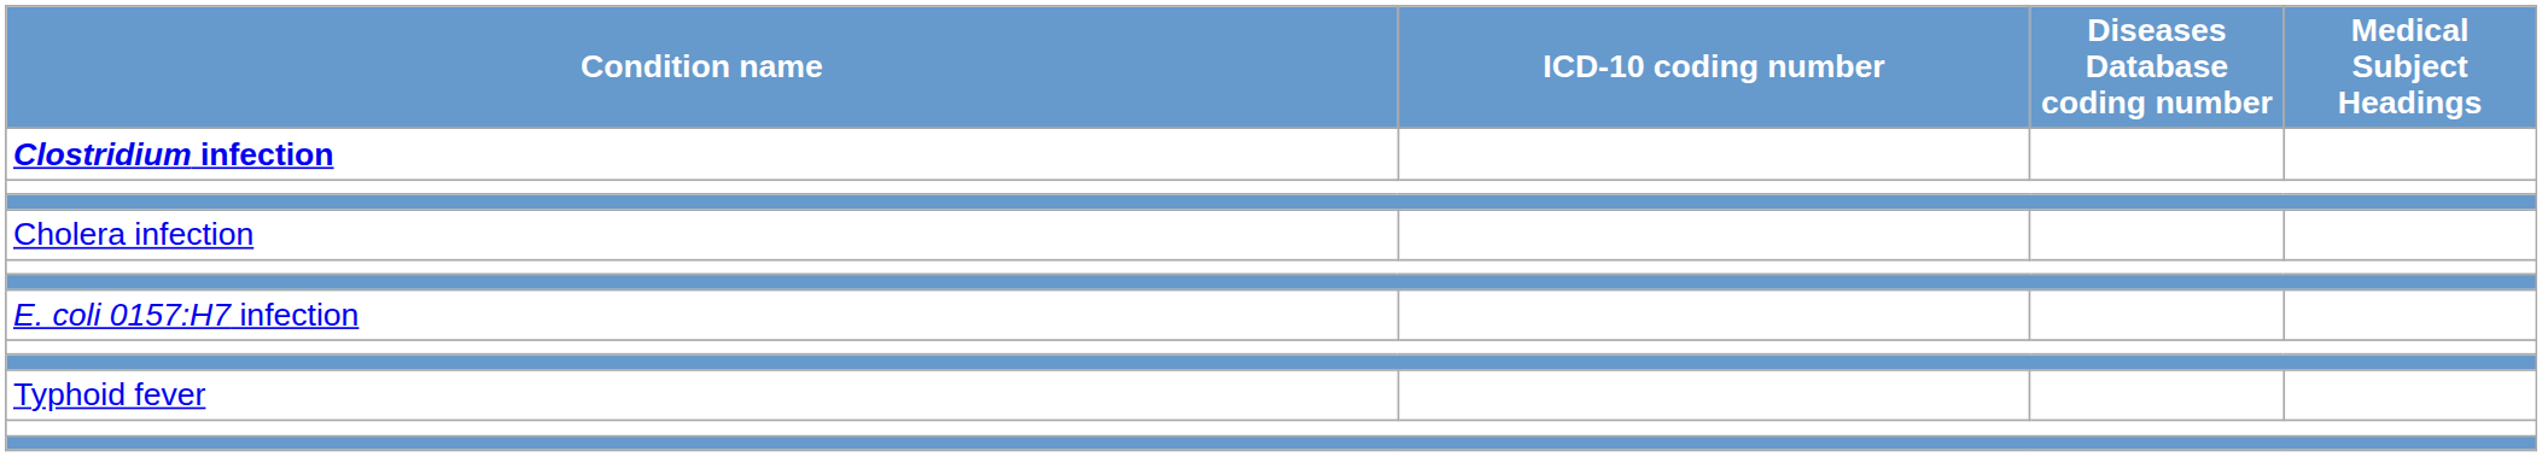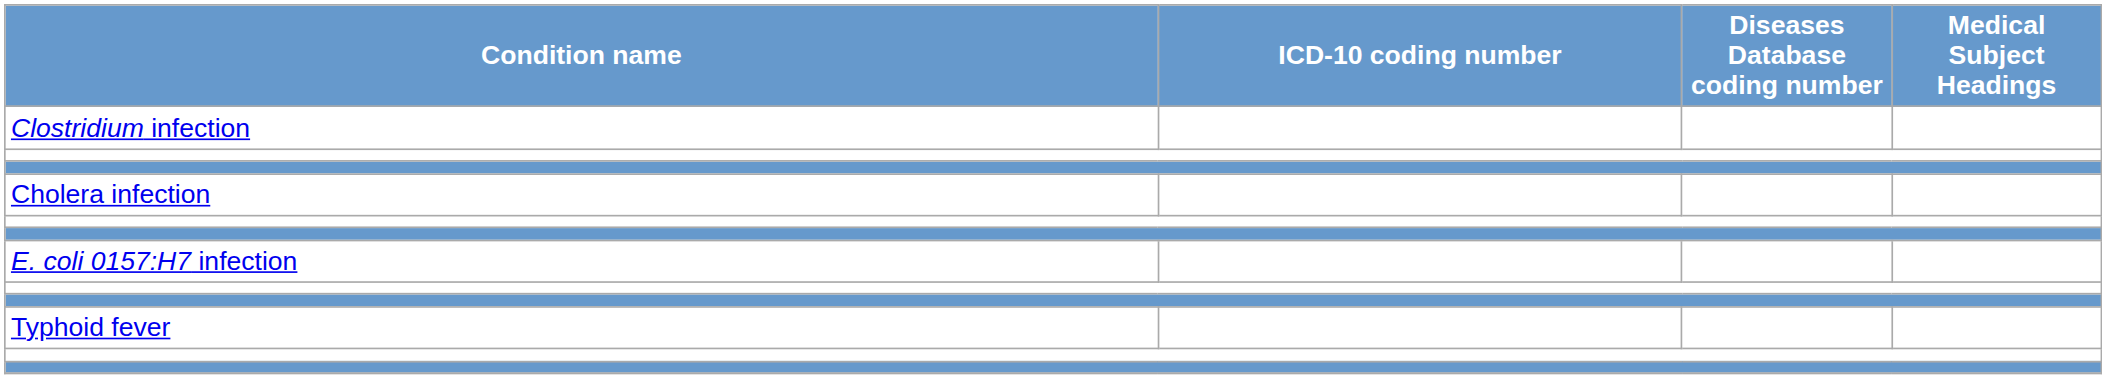 <table class="wikitable" style="width:100%; margin-right:auto; background: #FFFFFF;">
 <tr style="color:white">
 <th style="background-color:#6699CC; width:55%">Condition name</th>
 <th style="background-color:#6699CC; width:25%">ICD-10 coding number</th>
 <th style="background-color:#6699CC; width:10%">Diseases Database coding number</th>
 <th style="background-color:#6699CC; width:10%">Medical Subject Headings</th>
 </tr>
 <tr>
-<td><strong><a href='#'><em>Clostridium</em> infection</a></strong></td>
+<td><a href='#'><em>Clostridium</em> infection</a></td>
 <td></td>
 <td></td>
 <td></td>
 </tr>
 <tr>
 <td colspan="6"></td>
 </tr>
 <tr>
 <td colspan="6" bgcolor="#6699CC"></td>
 </tr>
 <tr>
 <td><a href='#'>Cholera infection</a></td>
 <td></td>
 <td></td>
 <td></td>
 </tr>
 <tr>
 <td colspan="6"></td>
 </tr>
 <tr>
 <td colspan="6" bgcolor="#6699CC"></td>
 </tr>
 <tr>
 <td><a href='#'><em>E. coli 0157:H7</em> infection</a></td>
 <td></td>
 <td></td>
 <td></td>
 </tr>
 <tr>
 <td colspan="6"></td>
 </tr>
 <tr>
 <td colspan="6" bgcolor="#6699CC"></td>
 </tr>
 <tr>
 <td><a href='#'>Typhoid fever</a></td>
 <td></td>
 <td></td>
 <td></td>
 </tr>
 <tr>
 <td colspan="6"></td>
 </tr>
 <tr>
 <td colspan="6" bgcolor="#6699CC"></td>
 </tr>
 <tr>
 </tr>
 </table>
